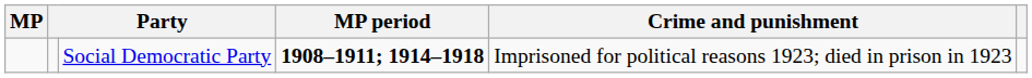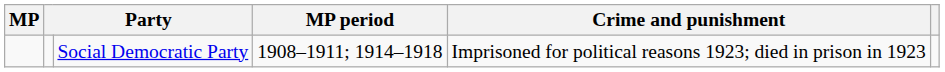 <table class="wikitable plainrowheaders sortable" style="font-size:100%; text-align:left;">
 <tr>
 <th>MP</th>
 <th colspan="2">Party</th>
 <th>MP period</th>
 <th>Crime and punishment</th>
 <th></th>
 </tr>
 <tr>
 <td></td>
 <td></td>
 <td><a href='#'>Social Democratic Party</a></td>
-<td><strong>1908–1911; 1914–1918</strong></td>
+<td>1908–1911; 1914–1918</td>
 <td>Imprisoned for political reasons 1923; died in prison in 1923</td>
 <td></td>
 </tr>
 </table>
